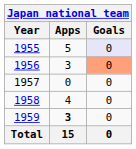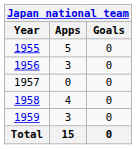 <table class="wikitable" style="text-align:center">
 <tr>
 <th colspan=3><a href='#'>Japan national team</a></th>
 </tr>
 <tr>
 <th>Year</th>
 <th>Apps</th>
 <th>Goals</th>
 </tr>
 <tr>
 <td><a href='#'>1955</a></td>
 <td>5</td>
-<td style="background: lavender;">0</td>
+<td>0</td>
 </tr>
 <tr>
 <td><a href='#'>1956</a></td>
 <td>3</td>
-<td style="background: lightsalmon;">0</td>
+<td>0</td>
 </tr>
 <tr>
 <td>1957</td>
 <td>0</td>
 <td>0</td>
 </tr>
 <tr>
 <td><a href='#'>1958</a></td>
 <td>4</td>
 <td>0</td>
 </tr>
 <tr>
 <td><a href='#'>1959</a></td>
-<td><strong>3</strong></td>
+<td>3</td>
 <td>0</td>
 </tr>
 <tr>
 <th>Total</th>
 <th>15</th>
 <th>0</th>
 </tr>
 </table>
